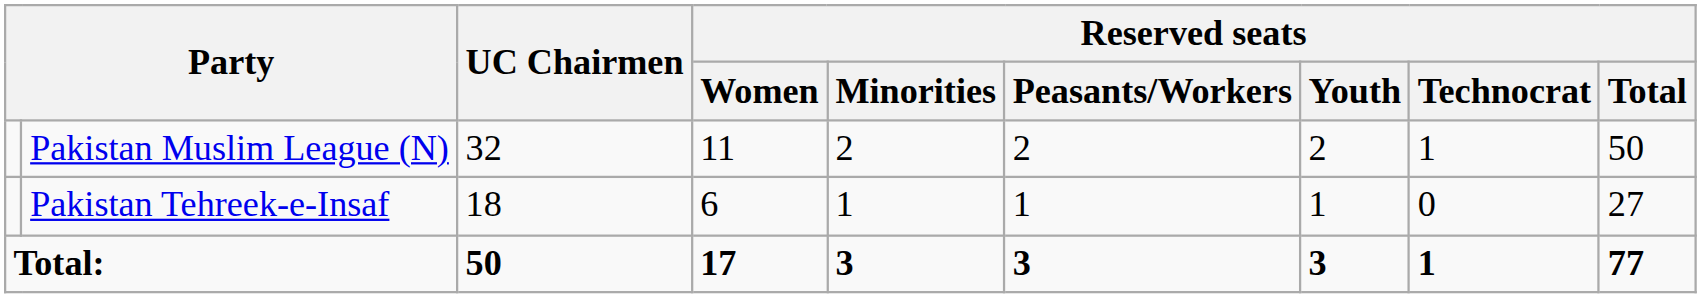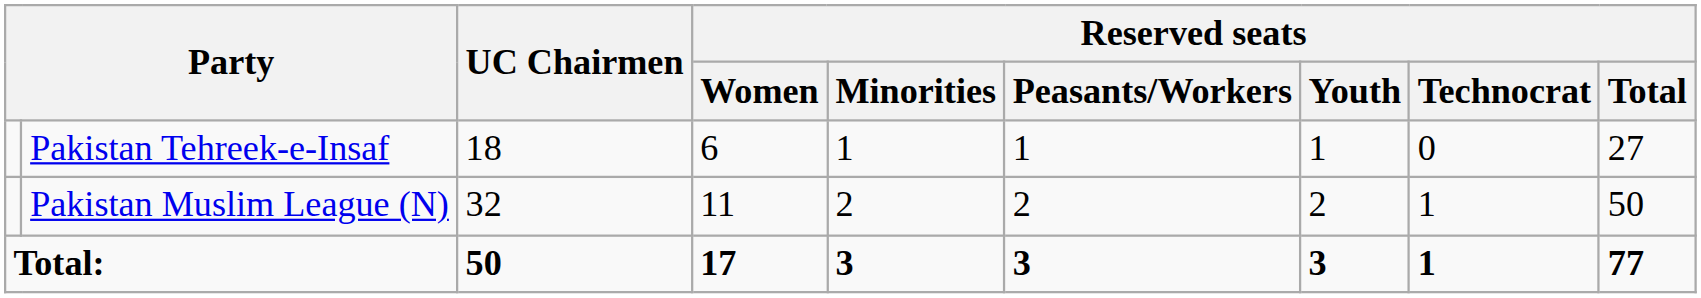 <table class="wikitable sortable">
 <tr>
 <th colspan="2" rowspan="2">Party</th>
 <th rowspan="2">UC Chairmen</th>
 <th colspan="6">Reserved seats</th>
 </tr>
 <tr>
 <th>Women</th>
 <th>Minorities</th>
 <th>Peasants/Workers</th>
 <th>Youth</th>
 <th>Technocrat</th>
 <th>Total</th>
 </tr>
 <tr>
 <td></td>
+<td><a href='#'>Pakistan Tehreek-e-Insaf</a></td>
+<td>18</td>
+<td>6</td>
+<td>1</td>
+<td>1</td>
+<td>1</td>
+<td>0</td>
+<td>27</td>
+</tr>
+<tr>
+<td></td>
 <td><a href='#'>Pakistan Muslim League (N)</a></td>
 <td>32</td>
 <td>11</td>
 <td>2</td>
 <td>2</td>
 <td>2</td>
 <td>1</td>
 <td>50</td>
-</tr>
-<tr>
-<td></td>
-<td><a href='#'>Pakistan Tehreek-e-Insaf</a></td>
-<td>18</td>
-<td>6</td>
-<td>1</td>
-<td>1</td>
-<td>1</td>
-<td>0</td>
-<td>27</td>
 </tr>
 <tr>
 <td colspan="2"><strong>Total:</strong></td>
 <td><strong>50</strong></td>
 <td><strong>17</strong></td>
 <td><strong>3</strong></td>
 <td><strong>3</strong></td>
 <td><strong>3</strong></td>
 <td><strong>1</strong></td>
 <td><strong>77</strong></td>
 </tr>
 </table>
